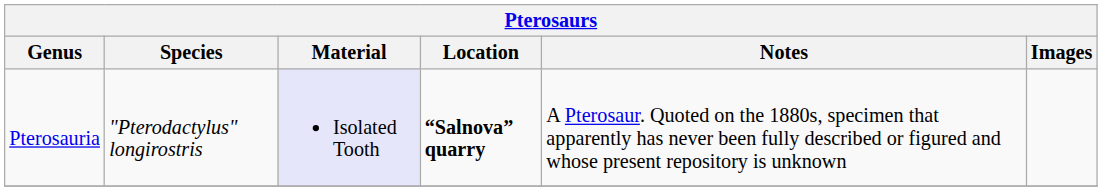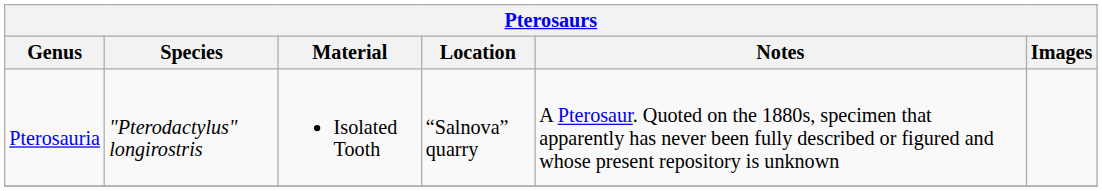 <table class="wikitable" align="center">
 <tr>
 <th colspan="6" align="center"><strong><a href='#'>Pterosaurs</a></strong></th>
 </tr>
 <tr>
 <th>Genus</th>
 <th>Species</th>
 <th>Material</th>
 <th>Location</th>
 <th>Notes</th>
 <th>Images</th>
 </tr>
 <tr>
 <td><br><a href='#'>Pterosauria</a></td>
 <td><br><em>"Pterodactylus" longirostris</em></td>
-<td style="background: lavender;"><br><ul><li>Isolated Tooth</li></ul></td>
-<td><strong><br>“Salnova” quarry</strong></td>
+<td><br><ul><li>Isolated Tooth</li></ul></td>
+<td><br>“Salnova” quarry</td>
 <td><br>A <a href='#'>Pterosaur</a>. Quoted on the 1880s, specimen that apparently has never been fully described or figured and whose present repository is unknown</td>
 <td><br></td>
 </tr>
 <tr>
 </tr>
 </table>
